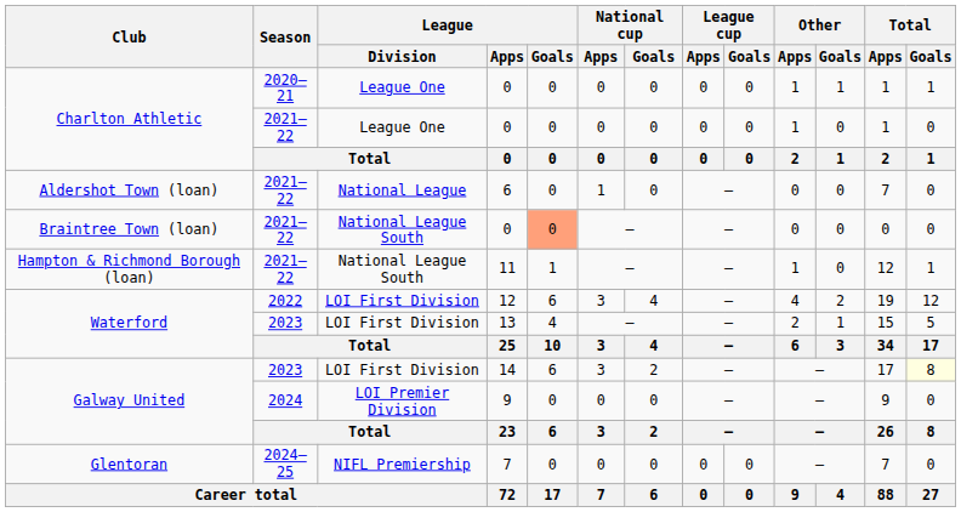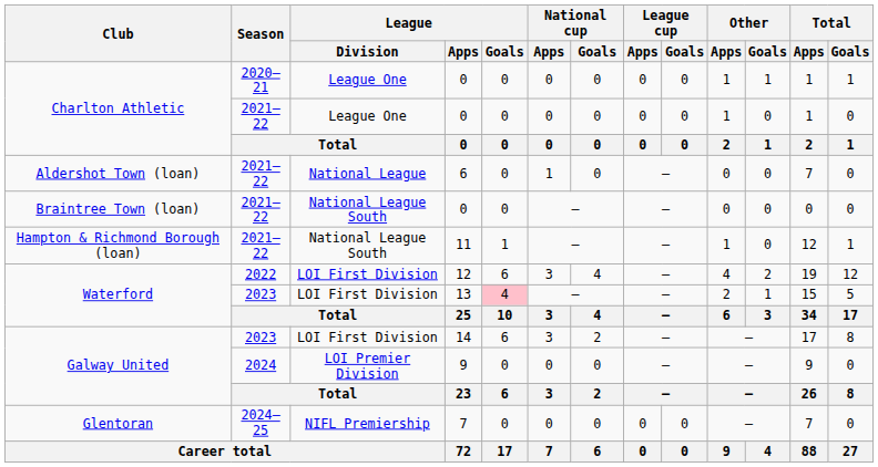 <table class="wikitable" style="text-align:center">
 <tr>
 <th rowspan="2">Club</th>
 <th rowspan="2">Season</th>
 <th colspan="3">League</th>
 <th colspan="2">National cup</th>
 <th colspan="2">League cup</th>
 <th colspan="2">Other</th>
 <th colspan="2">Total</th>
 </tr>
 <tr>
 <th>Division</th>
 <th>Apps</th>
 <th>Goals</th>
 <th>Apps</th>
 <th>Goals</th>
 <th>Apps</th>
 <th>Goals</th>
 <th>Apps</th>
 <th>Goals</th>
 <th>Apps</th>
 <th>Goals</th>
 </tr>
 <tr>
 <td rowspan="3"><a href='#'>Charlton Athletic</a></td>
 <td><a href='#'>2020–21</a></td>
 <td><a href='#'>League One</a></td>
 <td>0</td>
 <td>0</td>
 <td>0</td>
 <td>0</td>
 <td>0</td>
 <td>0</td>
 <td>1</td>
 <td>1</td>
 <td>1</td>
 <td>1</td>
 </tr>
 <tr>
 <td><a href='#'>2021–22</a></td>
 <td>League One</td>
 <td>0</td>
 <td>0</td>
 <td>0</td>
 <td>0</td>
 <td>0</td>
 <td>0</td>
 <td>1</td>
 <td>0</td>
 <td>1</td>
 <td>0</td>
 </tr>
 <tr>
 <th colspan="2">Total</th>
 <th>0</th>
 <th>0</th>
 <th>0</th>
 <th>0</th>
 <th>0</th>
 <th>0</th>
 <th>2</th>
 <th>1</th>
 <th>2</th>
 <th>1</th>
 </tr>
 <tr>
 <td><a href='#'>Aldershot Town</a> (loan)</td>
 <td><a href='#'>2021–22</a></td>
 <td><a href='#'>National League</a></td>
 <td>6</td>
 <td>0</td>
 <td>1</td>
 <td>0</td>
 <td colspan="2">—</td>
 <td>0</td>
 <td>0</td>
 <td>7</td>
 <td>0</td>
 </tr>
 <tr>
 <td><a href='#'>Braintree Town</a> (loan)</td>
 <td><a href='#'>2021–22</a></td>
 <td><a href='#'>National League South</a></td>
 <td>0</td>
-<td style="background: lightsalmon;">0</td>
+<td>0</td>
 <td colspan="2">—</td>
 <td colspan="2">—</td>
 <td>0</td>
 <td>0</td>
 <td>0</td>
 <td>0</td>
 </tr>
 <tr>
 <td><a href='#'>Hampton & Richmond Borough</a> (loan)</td>
 <td><a href='#'>2021–22</a></td>
 <td>National League South</td>
 <td>11</td>
 <td>1</td>
 <td colspan="2">—</td>
 <td colspan="2">—</td>
 <td>1</td>
 <td>0</td>
 <td>12</td>
 <td>1</td>
 </tr>
 <tr>
 <td rowspan="3"><a href='#'>Waterford</a></td>
 <td><a href='#'>2022</a></td>
 <td><a href='#'>LOI First Division</a></td>
 <td>12</td>
 <td>6</td>
 <td>3</td>
 <td>4</td>
 <td colspan="2">—</td>
 <td>4</td>
 <td>2</td>
 <td>19</td>
 <td>12</td>
 </tr>
 <tr>
 <td><a href='#'>2023</a></td>
 <td>LOI First Division</td>
 <td>13</td>
-<td>4</td>
+<td style="background: pink;">4</td>
 <td colspan="2">—</td>
 <td colspan="2">—</td>
 <td>2</td>
 <td>1</td>
 <td>15</td>
 <td>5</td>
 </tr>
 <tr>
 <th colspan="2">Total</th>
 <th>25</th>
 <th>10</th>
 <th>3</th>
 <th>4</th>
 <th colspan="2">—</th>
 <th>6</th>
 <th>3</th>
 <th>34</th>
 <th>17</th>
 </tr>
 <tr>
 <td rowspan="3"><a href='#'>Galway United</a></td>
 <td><a href='#'>2023</a></td>
 <td>LOI First Division</td>
 <td>14</td>
 <td>6</td>
 <td>3</td>
 <td>2</td>
 <td colspan="2">—</td>
 <td colspan="2">—</td>
 <td>17</td>
-<td style="background: lightyellow;">8</td>
+<td>8</td>
 </tr>
 <tr>
 <td><a href='#'>2024</a></td>
 <td><a href='#'>LOI Premier Division</a></td>
 <td>9</td>
 <td>0</td>
 <td>0</td>
 <td>0</td>
 <td colspan="2">—</td>
 <td colspan="2">—</td>
 <td>9</td>
 <td>0</td>
 </tr>
 <tr>
 <th colspan="2">Total</th>
 <th>23</th>
 <th>6</th>
 <th>3</th>
 <th>2</th>
 <th colspan="2">—</th>
 <th colspan="2">—</th>
 <th>26</th>
 <th>8</th>
 </tr>
 <tr>
 <td><a href='#'>Glentoran</a></td>
 <td><a href='#'>2024–25</a></td>
 <td><a href='#'>NIFL Premiership</a></td>
 <td>7</td>
 <td>0</td>
 <td>0</td>
 <td>0</td>
 <td>0</td>
 <td>0</td>
 <td colspan="2">—</td>
 <td>7</td>
 <td>0</td>
 </tr>
 <tr>
 <th colspan="3">Career total</th>
 <th>72</th>
 <th>17</th>
 <th>7</th>
 <th>6</th>
 <th>0</th>
 <th>0</th>
 <th>9</th>
 <th>4</th>
 <th>88</th>
 <th>27</th>
 </tr>
 </table>
